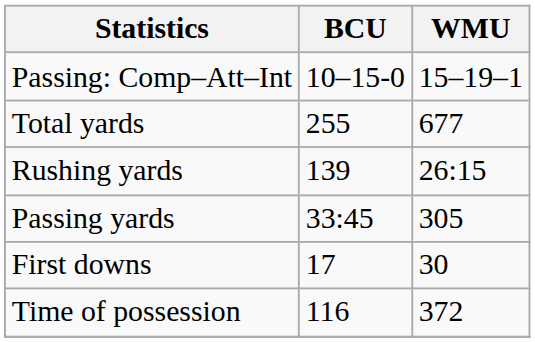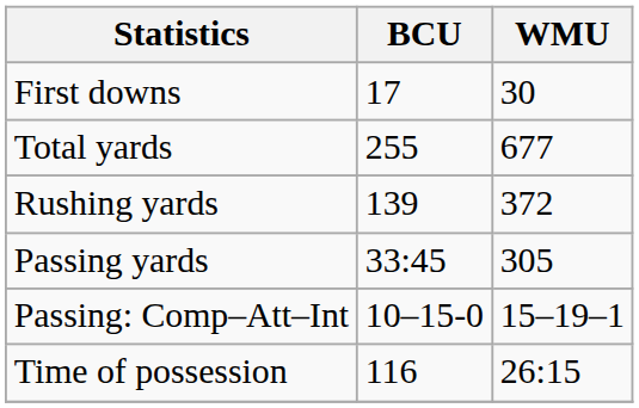 <table class="wikitable" style="float: left;">
 <tr>
 <th>Statistics</th>
 <th>BCU</th>
 <th>WMU</th>
 </tr>
 <tr>
-<td>Passing: Comp–Att–Int</td>
-<td>10–15-0</td>
-<td>15–19–1</td>
+<td>First downs</td>
+<td>17</td>
+<td>30</td>
 </tr>
 <tr>
 <td>Total yards</td>
 <td>255</td>
 <td>677</td>
 </tr>
 <tr>
 <td>Rushing yards</td>
 <td>139</td>
-<td>26:15</td>
+<td>372</td>
 </tr>
 <tr>
 <td>Passing yards</td>
 <td>33:45</td>
 <td>305</td>
 </tr>
 <tr>
-<td>First downs</td>
-<td>17</td>
-<td>30</td>
+<td>Passing: Comp–Att–Int</td>
+<td>10–15-0</td>
+<td>15–19–1</td>
 </tr>
 <tr>
 <td>Time of possession</td>
 <td>116</td>
-<td>372</td>
+<td>26:15</td>
 </tr>
 <tr>
 </tr>
 </table>
